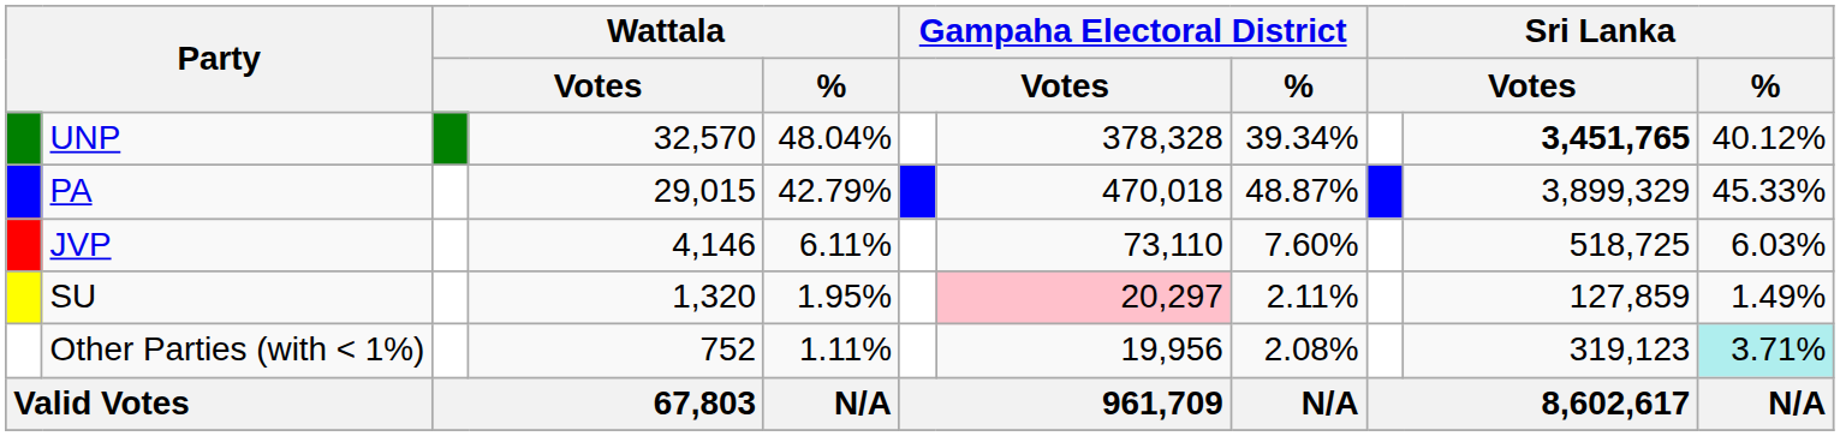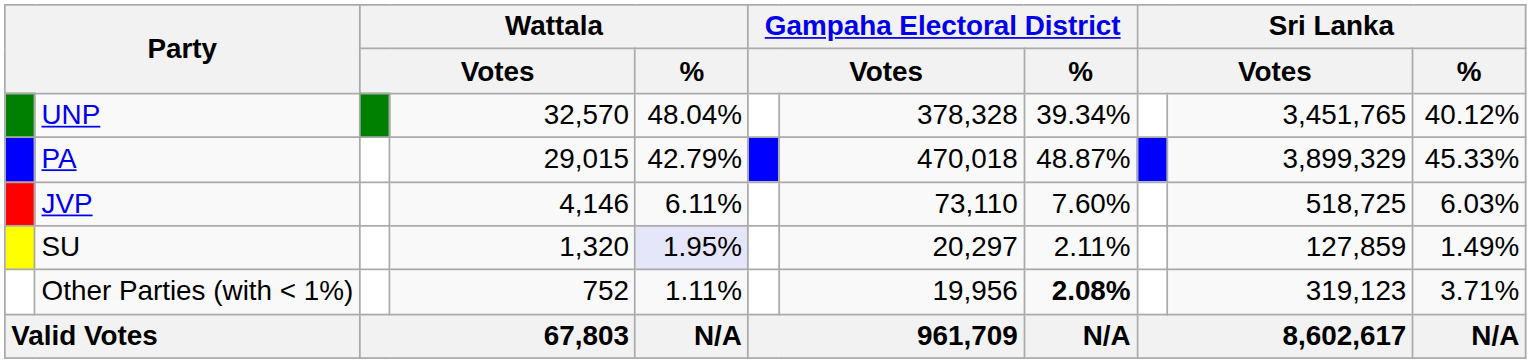 <table class="wikitable">
 <tr>
 <th colspan="2" width="144px"rowspan="2">Party</th>
 <th colspan="3" width="216px">Wattala</th>
 <th colspan="3" width="216px"><a href='#'>Gampaha Electoral District</a></th>
 <th colspan="3" width="216px">Sri Lanka</th>
 </tr>
 <tr>
 <th colspan="2" width="144px">Votes</th>
 <th>%</th>
 <th colspan="2" width="144px">Votes</th>
 <th>%</th>
 <th colspan="2" width="144px">Votes</th>
 <th>%</th>
 </tr>
 <tr>
 <td style="background-color:green;" width="10px"></td>
 <td style="text-align:left;"><a href='#'>UNP</a></td>
 <td style="background-color:green;" width="10px"></td>
 <td style="text-align:right;">32,570</td>
 <td style="text-align:right;">48.04%</td>
 <td style="background-color:white;" width="10px"></td>
 <td style="text-align:right;">378,328</td>
 <td style="text-align:right;">39.34%</td>
 <td style="background-color:white;" width="10px"></td>
-<td style="text-align:right;"><strong>3,451,765</strong></td>
+<td style="text-align:right;">3,451,765</td>
 <td style="text-align:right;">40.12%</td>
 </tr>
 <tr>
 <td style="background-color:blue;" width="10px"></td>
 <td style="text-align:left;"><a href='#'>PA</a></td>
 <td style="background-color:white;" width="10px"></td>
 <td style="text-align:right;">29,015</td>
 <td style="text-align:right;">42.79%</td>
 <td style="background-color:blue;" width="10px"></td>
 <td style="text-align:right;">470,018</td>
 <td style="text-align:right;">48.87%</td>
 <td style="background-color:blue;" width="10px"></td>
 <td style="text-align:right;">3,899,329</td>
 <td style="text-align:right;">45.33%</td>
 </tr>
 <tr>
 <td style="background-color:red;" width="10px"></td>
 <td style="text-align:left;"><a href='#'>JVP</a></td>
 <td style="background-color:white;" width="10px"></td>
 <td style="text-align:right;">4,146</td>
 <td style="text-align:right;">6.11%</td>
 <td style="background-color:white;" width="10px"></td>
 <td style="text-align:right;">73,110</td>
 <td style="text-align:right;">7.60%</td>
 <td style="background-color:white;" width="10px"></td>
 <td style="text-align:right;">518,725</td>
 <td style="text-align:right;">6.03%</td>
 </tr>
 <tr>
 <td style="background-color:yellow;" width="10px"></td>
 <td style="text-align:left;">SU</td>
 <td style="background-color:white;" width="10px"></td>
 <td style="text-align:right;">1,320</td>
-<td style="text-align:right;">1.95%</td>
+<td style="background: lavender; text-align:right;">1.95%</td>
 <td style="background-color:white;" width="10px"></td>
-<td style="background: pink; text-align:right;">20,297</td>
+<td style="text-align:right;">20,297</td>
 <td style="text-align:right;">2.11%</td>
 <td style="background-color:white;" width="10px"></td>
 <td style="text-align:right;">127,859</td>
 <td style="text-align:right;">1.49%</td>
 </tr>
 <tr>
 <td style="background-color:white;" width="10px"></td>
 <td style="text-align:left;">Other Parties (with < 1%)</td>
 <td style="background-color:white;" width="10px"></td>
 <td style="text-align:right;">752</td>
 <td style="text-align:right;">1.11%</td>
 <td style="background-color:white;" width="10px"></td>
 <td style="text-align:right;">19,956</td>
-<td style="text-align:right;">2.08%</td>
+<td style="text-align:right;"><strong>2.08%</strong></td>
 <td style="background-color:white;" width="10px"></td>
 <td style="text-align:right;">319,123</td>
-<td style="background: paleturquoise; text-align:right;">3.71%</td>
+<td style="text-align:right;">3.71%</td>
 </tr>
 <tr>
 <th colspan="2" width="144px"style="text-align:left;">Valid Votes</th>
 <th style="text-align:right;"colspan="2" width="144px">67,803</th>
 <th style="text-align:right;">N/A</th>
 <th style="text-align:right;"colspan="2" width="144px">961,709</th>
 <th style="text-align:right;">N/A</th>
 <th style="text-align:right;"colspan="2" width="144px">8,602,617</th>
 <th style="text-align:right;">N/A</th>
 </tr>
 </table>
